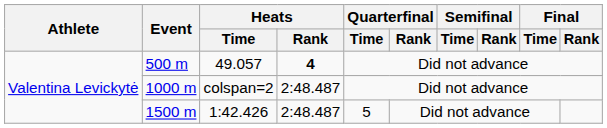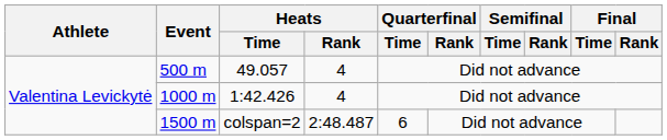 <table class="wikitable" style="font-size:90%">
 <tr>
 <th rowspan=2>Athlete</th>
 <th rowspan=2>Event</th>
 <th colspan=2>Heats</th>
 <th colspan=2>Quarterfinal</th>
 <th colspan=2>Semifinal</th>
 <th colspan=2>Final</th>
 </tr>
 <tr style="font-size:95%">
 <th>Time</th>
 <th>Rank</th>
 <th>Time</th>
 <th>Rank</th>
 <th>Time</th>
 <th>Rank</th>
 <th>Time</th>
 <th>Rank</th>
 </tr>
 <tr align=center>
 <td align=left rowspan=3><a href='#'>Valentina Levickytė</a></td>
 <td align=left><a href='#'>500 m</a></td>
 <td>49.057 </td>
-<td><strong>4</strong></td>
+<td>4</td>
 <td colspan=6>Did not advance</td>
 </tr>
 <tr align=center>
 <td align=left><a href='#'>1000 m</a></td>
-<td>colspan=2 </td>
-<td>2:48.487 </td>
+<td>1:42.426 </td>
+<td>4</td>
 <td colspan=6>Did not advance</td>
 </tr>
 <tr align=center>
 <td align=left><a href='#'>1500 m</a></td>
-<td>1:42.426 </td>
+<td>colspan=2 </td>
 <td>2:48.487 </td>
-<td>5</td>
+<td>6</td>
 <td colspan=4>Did not advance</td>
 </tr>
 </table>
